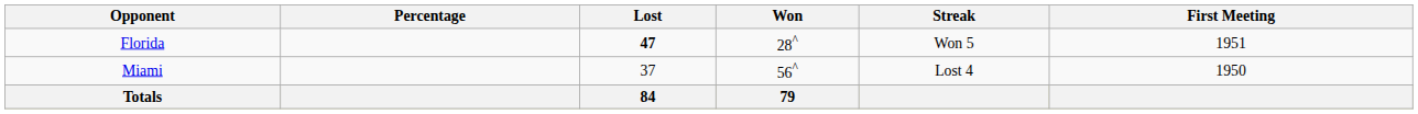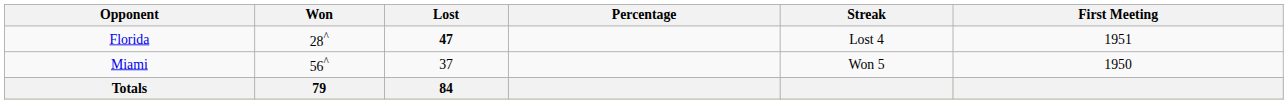 <table class="wikitable" style="width:75%;" style="text-align:center">
 <tr>
 <th>Opponent</th>
+<th>Won</th>
+<th>Lost</th>
 <th>Percentage</th>
-<th>Lost</th>
-<th>Won</th>
 <th>Streak</th>
 <th>First Meeting</th>
 </tr>
 <tr style="text-align:center;">
 <td><a href='#'>Florida</a></td>
+<td>28<sup>^</sup></td>
+<td><strong>47</strong></td>
 <td></td>
-<td><strong>47</strong></td>
-<td>28<sup>^</sup></td>
-<td>Won 5</td>
+<td>Lost 4</td>
 <td>1951</td>
 </tr>
 <tr style="text-align:center;">
 <td><a href='#'>Miami</a></td>
+<td>56<sup>^</sup></td>
+<td>37</td>
 <td></td>
-<td>37</td>
-<td>56<sup>^</sup></td>
-<td>Lost 4</td>
+<td>Won 5</td>
 <td>1950</td>
 </tr>
 <tr class="unsortable" style="text-align:center; background:#CCCC66;">
 <th><strong>Totals</strong></th>
+<th><strong>79</strong></th>
+<th><strong>84</strong></th>
 <th><strong></strong></th>
-<th><strong>84</strong></th>
-<th><strong>79</strong></th>
 <th></th>
 <th></th>
 </tr>
 </table>
